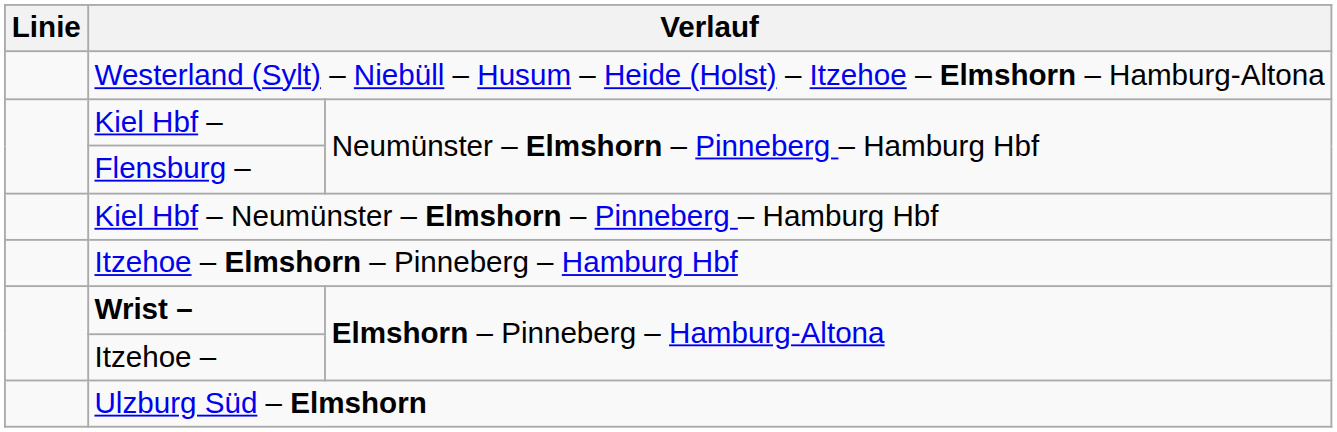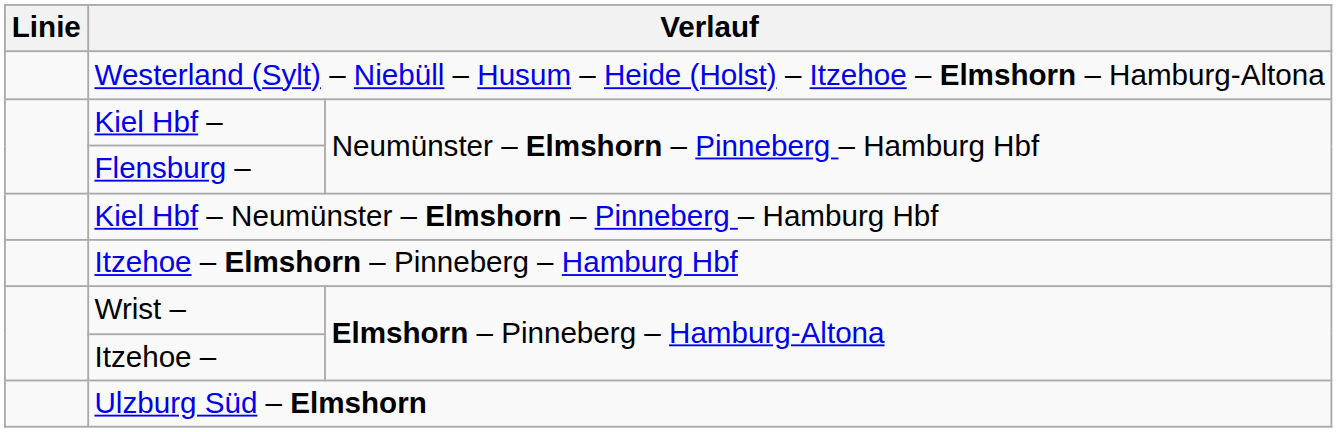 <table class="wikitable">
 <tr class="hintergrundfarbe6">
 <th>Linie</th>
 <th colspan="2">Verlauf</th>
 </tr>
 <tr>
 <td align="center"></td>
 <td colspan="2"><a href='#'>Westerland (Sylt)</a> – <a href='#'>Niebüll</a> – <a href='#'>Husum</a> – <a href='#'>Heide (Holst)</a> – <a href='#'>Itzehoe</a> – <strong>Elmshorn</strong> – Hamburg-Altona</td>
 </tr>
 <tr>
 <td rowspan="2" align="center"></td>
 <td><a href='#'>Kiel Hbf</a> –</td>
 <td rowspan="2">Neumünster – <strong>Elmshorn</strong> – <a href='#'>Pinneberg </a>– Hamburg Hbf</td>
 </tr>
 <tr>
 <td><a href='#'>Flensburg</a> –</td>
 </tr>
 <tr>
 <td></td>
 <td colspan="2"><a href='#'>Kiel Hbf</a> – Neumünster – <strong>Elmshorn</strong> – <a href='#'>Pinneberg </a>– Hamburg Hbf</td>
 </tr>
 <tr>
 <td align="center"></td>
 <td colspan="2"><a href='#'>Itzehoe</a> – <strong>Elmshorn</strong> – Pinneberg – <a href='#'>Hamburg Hbf</a></td>
 </tr>
 <tr>
 <td rowspan="2" align="center"></td>
-<td><strong>Wrist –</strong></td>
+<td>Wrist –</td>
 <td rowspan="2"><strong>Elmshorn</strong> – Pinneberg – <a href='#'>Hamburg-Altona</a></td>
 </tr>
 <tr>
 <td>Itzehoe –</td>
 </tr>
 <tr>
 <td align="center"></td>
 <td colspan="2"><a href='#'>Ulzburg Süd</a> – <strong>Elmshorn</strong></td>
 </tr>
 </table>
